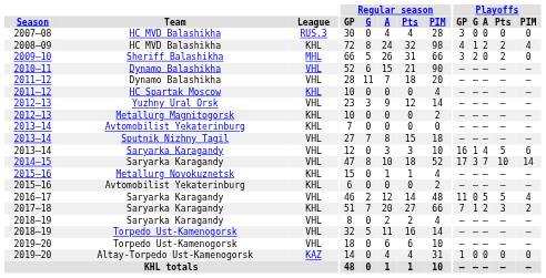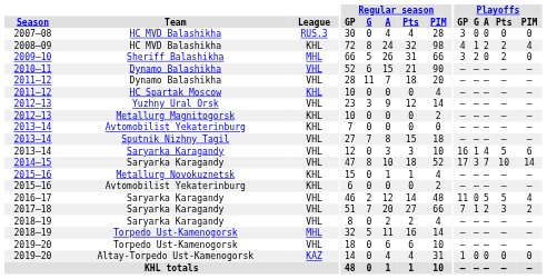 <table border="0" cellpadding="1" cellspacing="0" style="text-align:center; width:60em">
 <tr bgcolor="#e0e0e0">
 <th colspan="3" bgcolor="#ffffff"></th>
 <th rowspan="99" bgcolor="#ffffff"></th>
 <th colspan="5"><a href='#'>Regular season</a></th>
 <th rowspan="99" bgcolor="#ffffff"></th>
 <th colspan="5"><a href='#'>Playoffs</a></th>
 </tr>
 <tr bgcolor="#e0e0e0">
 <th><a href='#'>Season</a></th>
 <th>Team</th>
 <th>League</th>
 <th>GP</th>
 <th><a href='#'>G</a></th>
 <th><a href='#'>A</a></th>
 <th><a href='#'>Pts</a></th>
 <th><a href='#'>PIM</a></th>
 <th>GP</th>
 <th>G</th>
 <th>A</th>
 <th>Pts</th>
 <th>PIM</th>
 </tr>
 <tr>
 <td>2007–08</td>
 <td><a href='#'>HC MVD Balashikha</a></td>
 <td><a href='#'>RUS.3</a></td>
 <td>30</td>
 <td>0</td>
 <td>4</td>
 <td>4</td>
 <td>28</td>
 <td>3</td>
 <td>0</td>
 <td>0</td>
 <td>0</td>
 <td>0</td>
 </tr>
 <tr style="background:#f0f0f0;">
 <td>2008–09</td>
 <td>HC MVD Balashikha</td>
 <td>KHL</td>
 <td>72</td>
 <td>8</td>
 <td>24</td>
 <td>32</td>
 <td>98</td>
 <td>4</td>
 <td>1</td>
 <td>2</td>
 <td>2</td>
 <td>4</td>
 </tr>
 <tr>
 <td><a href='#'>2009–10</a></td>
 <td><a href='#'>Sheriff Balashikha</a></td>
 <td><a href='#'>MHL</a></td>
 <td>66</td>
 <td>5</td>
 <td>26</td>
 <td>31</td>
 <td>66</td>
 <td>3</td>
 <td>2</td>
 <td>0</td>
 <td>2</td>
 <td>0</td>
 </tr>
 <tr style="background:#f0f0f0;">
 <td><a href='#'>2010–11</a></td>
 <td><a href='#'>Dynamo Balashikha</a></td>
 <td><a href='#'>VHL</a></td>
 <td>52</td>
 <td>6</td>
 <td>15</td>
 <td>21</td>
 <td>90</td>
 <td>—</td>
 <td>—</td>
 <td>—</td>
 <td>—</td>
 <td>—</td>
 </tr>
 <tr>
 <td><a href='#'>2011–12</a></td>
 <td>Dynamo Balashikha</td>
 <td>VHL</td>
 <td>28</td>
 <td>11</td>
 <td>7</td>
 <td>18</td>
 <td>20</td>
 <td>—</td>
 <td>—</td>
 <td>—</td>
 <td>—</td>
 <td>—</td>
 </tr>
 <tr style="background:#f0f0f0;">
 <td><a href='#'>2011–12</a></td>
 <td><a href='#'>HC Spartak Moscow</a></td>
 <td><a href='#'>KHL</a></td>
 <td>10</td>
 <td>0</td>
 <td>0</td>
 <td>0</td>
 <td>4</td>
 <td>—</td>
 <td>—</td>
 <td>—</td>
 <td>—</td>
 <td>—</td>
 </tr>
 <tr>
 <td><a href='#'>2012–13</a></td>
 <td><a href='#'>Yuzhny Ural Orsk</a></td>
 <td>VHL</td>
 <td>23</td>
 <td>3</td>
 <td>9</td>
 <td>12</td>
 <td>14</td>
 <td>—</td>
 <td>—</td>
 <td>—</td>
 <td>—</td>
 <td>—</td>
 </tr>
 <tr style="background:#f0f0f0;">
 <td><a href='#'>2012–13</a></td>
 <td><a href='#'>Metallurg Magnitogorsk</a></td>
 <td>KHL</td>
 <td>10</td>
 <td>0</td>
 <td>0</td>
 <td>0</td>
 <td>2</td>
 <td>—</td>
 <td>—</td>
 <td>—</td>
 <td>—</td>
 <td>—</td>
 </tr>
 <tr>
 <td><a href='#'>2013–14</a></td>
 <td><a href='#'>Avtomobilist Yekaterinburg</a></td>
 <td>KHL</td>
 <td>7</td>
 <td>0</td>
 <td>0</td>
 <td>0</td>
 <td>0</td>
 <td>—</td>
 <td>—</td>
 <td>—</td>
 <td>—</td>
 <td>—</td>
 </tr>
 <tr style="background:#f0f0f0;">
 <td><a href='#'>2013–14</a></td>
 <td><a href='#'>Sputnik Nizhny Tagil</a></td>
 <td>VHL</td>
 <td>27</td>
 <td>7</td>
 <td>8</td>
 <td>15</td>
 <td>18</td>
 <td>—</td>
 <td>—</td>
 <td>—</td>
 <td>—</td>
 <td>—</td>
 </tr>
 <tr>
 <td>2013–14</td>
 <td><a href='#'>Saryarka Karagandy</a></td>
 <td>VHL</td>
 <td>12</td>
 <td>0</td>
 <td>3</td>
 <td>3</td>
 <td>10</td>
 <td>16</td>
 <td>1</td>
 <td>4</td>
 <td>5</td>
 <td>6</td>
 </tr>
 <tr style="background:#f0f0f0;">
 <td><a href='#'>2014–15</a></td>
 <td>Saryarka Karagandy</td>
 <td>VHL</td>
 <td>47</td>
 <td>8</td>
 <td>10</td>
 <td>18</td>
 <td>52</td>
 <td>17</td>
 <td>3</td>
 <td>7</td>
 <td>10</td>
 <td>14</td>
 </tr>
 <tr>
 <td><a href='#'>2015–16</a></td>
 <td><a href='#'>Metallurg Novokuznetsk</a></td>
 <td>KHL</td>
 <td>15</td>
 <td>0</td>
 <td>1</td>
 <td>1</td>
 <td>4</td>
 <td>—</td>
 <td>—</td>
 <td>—</td>
 <td>—</td>
 <td>—</td>
 </tr>
 <tr style="background:#f0f0f0;">
 <td>2015–16</td>
 <td>Avtomobilist Yekaterinburg</td>
 <td>KHL</td>
 <td>6</td>
 <td>0</td>
 <td>0</td>
 <td>0</td>
 <td>2</td>
 <td>—</td>
 <td>—</td>
 <td>—</td>
 <td>—</td>
 <td>—</td>
 </tr>
 <tr>
 <td>2016–17</td>
 <td>Saryarka Karagandy</td>
 <td>VHL</td>
 <td>46</td>
 <td>2</td>
 <td>12</td>
 <td>14</td>
 <td>48</td>
 <td>11</td>
 <td>0</td>
 <td>5</td>
 <td>5</td>
 <td>4</td>
 </tr>
 <tr style="background:#f0f0f0;">
 <td>2017–18</td>
 <td>Saryarka Karagandy</td>
-<td>KHL</td>
+<td>VHL</td>
 <td>51</td>
 <td>7</td>
 <td>20</td>
 <td>27</td>
 <td>66</td>
 <td>7</td>
 <td>1</td>
 <td>2</td>
 <td>3</td>
 <td>2</td>
 </tr>
 <tr>
 <td>2018–19</td>
 <td>Saryarka Karagandy</td>
 <td>VHL</td>
 <td>8</td>
 <td>0</td>
 <td>2</td>
 <td>2</td>
 <td>4</td>
 <td>—</td>
 <td>—</td>
 <td>—</td>
 <td>—</td>
 <td>—</td>
 </tr>
 <tr style="background:#f0f0f0;">
 <td>2018–19</td>
 <td><a href='#'>Torpedo Ust-Kamenogorsk</a></td>
-<td>VHL</td>
+<td><a href='#'>MHL</a></td>
 <td>32</td>
 <td>5</td>
 <td>11</td>
 <td>16</td>
 <td>14</td>
 <td>—</td>
 <td>—</td>
 <td>—</td>
 <td>—</td>
 <td>—</td>
 </tr>
 <tr>
 <td>2019–20</td>
 <td>Torpedo Ust-Kamenogorsk</td>
 <td>VHL</td>
 <td>18</td>
 <td>0</td>
 <td>6</td>
 <td>6</td>
 <td>10</td>
 <td>—</td>
 <td>—</td>
 <td>—</td>
 <td>—</td>
 <td>—</td>
 </tr>
 <tr style="background:#f0f0f0;">
 <td>2019–20</td>
 <td>Altay-Torpedo Ust-Kamenogorsk</td>
 <td><a href='#'>KAZ</a></td>
 <td>14</td>
 <td>0</td>
 <td>4</td>
 <td>4</td>
 <td>31</td>
 <td>1</td>
 <td>0</td>
 <td>0</td>
 <td>0</td>
 <td>0</td>
 </tr>
 <tr style="background:#e0e0e0;">
 <th colspan="3">KHL  totals</th>
 <th>48</th>
 <th>0</th>
 <th>1</th>
 <th>1</th>
 <th>10</th>
 <th>—</th>
 <th>—</th>
 <th>—</th>
 <th>—</th>
 <th>—</th>
 </tr>
 </table>
